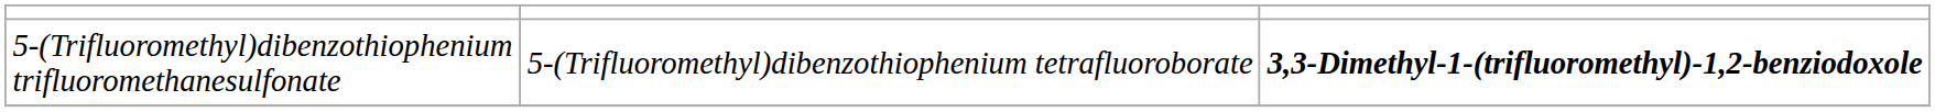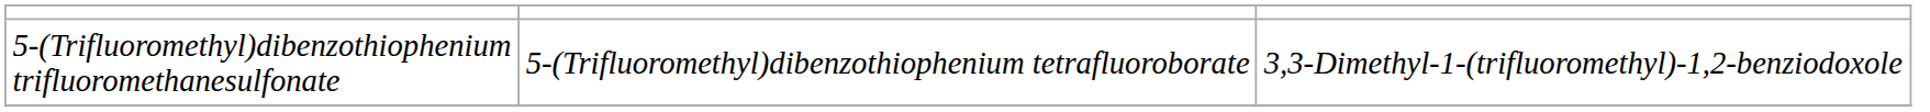 <table align="center"  class="wikitable" style="background-color:white;">
 <tr>
 <td align="center"></td>
 <td align="center"></td>
 <td align="center"></td>
 </tr>
 <tr>
 <td><em>5-(Trifluoromethyl)dibenzothiophenium <br>trifluoromethanesulfonate</em></td>
 <td><em>5-(Trifluoromethyl)dibenzothiophenium tetrafluoroborate</em></td>
-<td><strong><em>3,3-Dimethyl-1-(trifluoromethyl)-1,2-benziodoxole</em></strong></td>
+<td><em>3,3-Dimethyl-1-(trifluoromethyl)-1,2-benziodoxole</em></td>
 </tr>
 <tr>
 </tr>
 </table>
